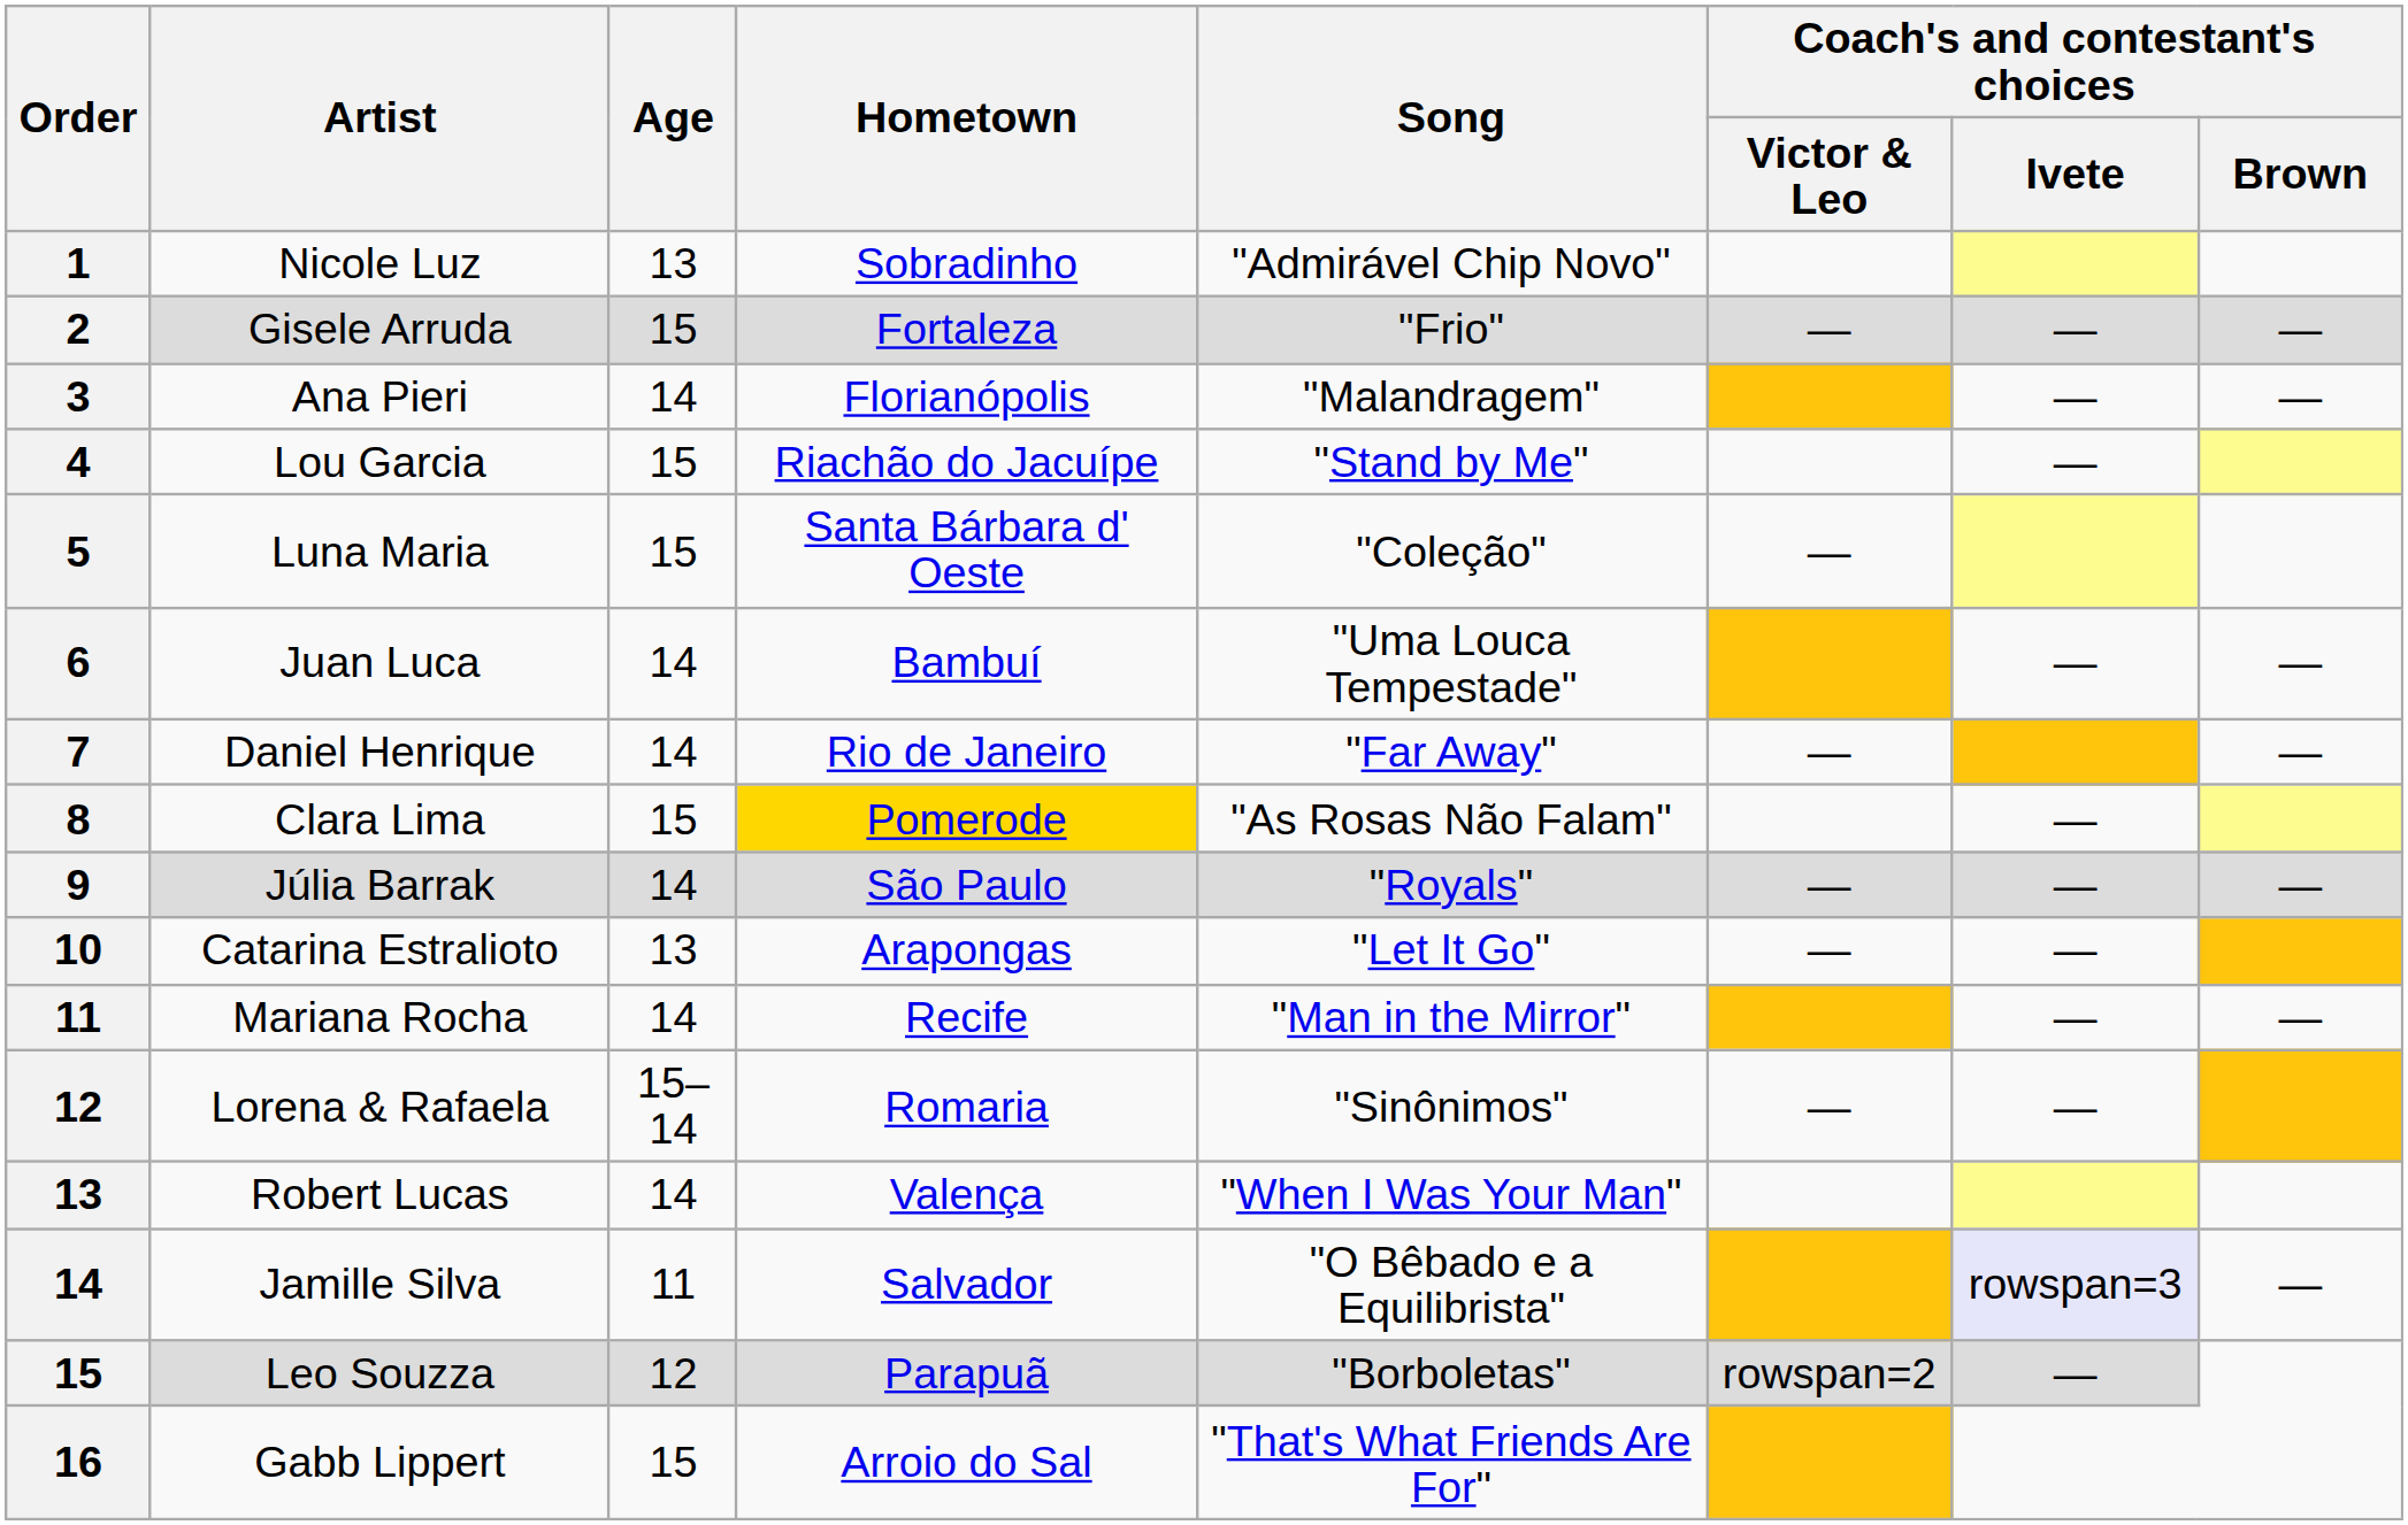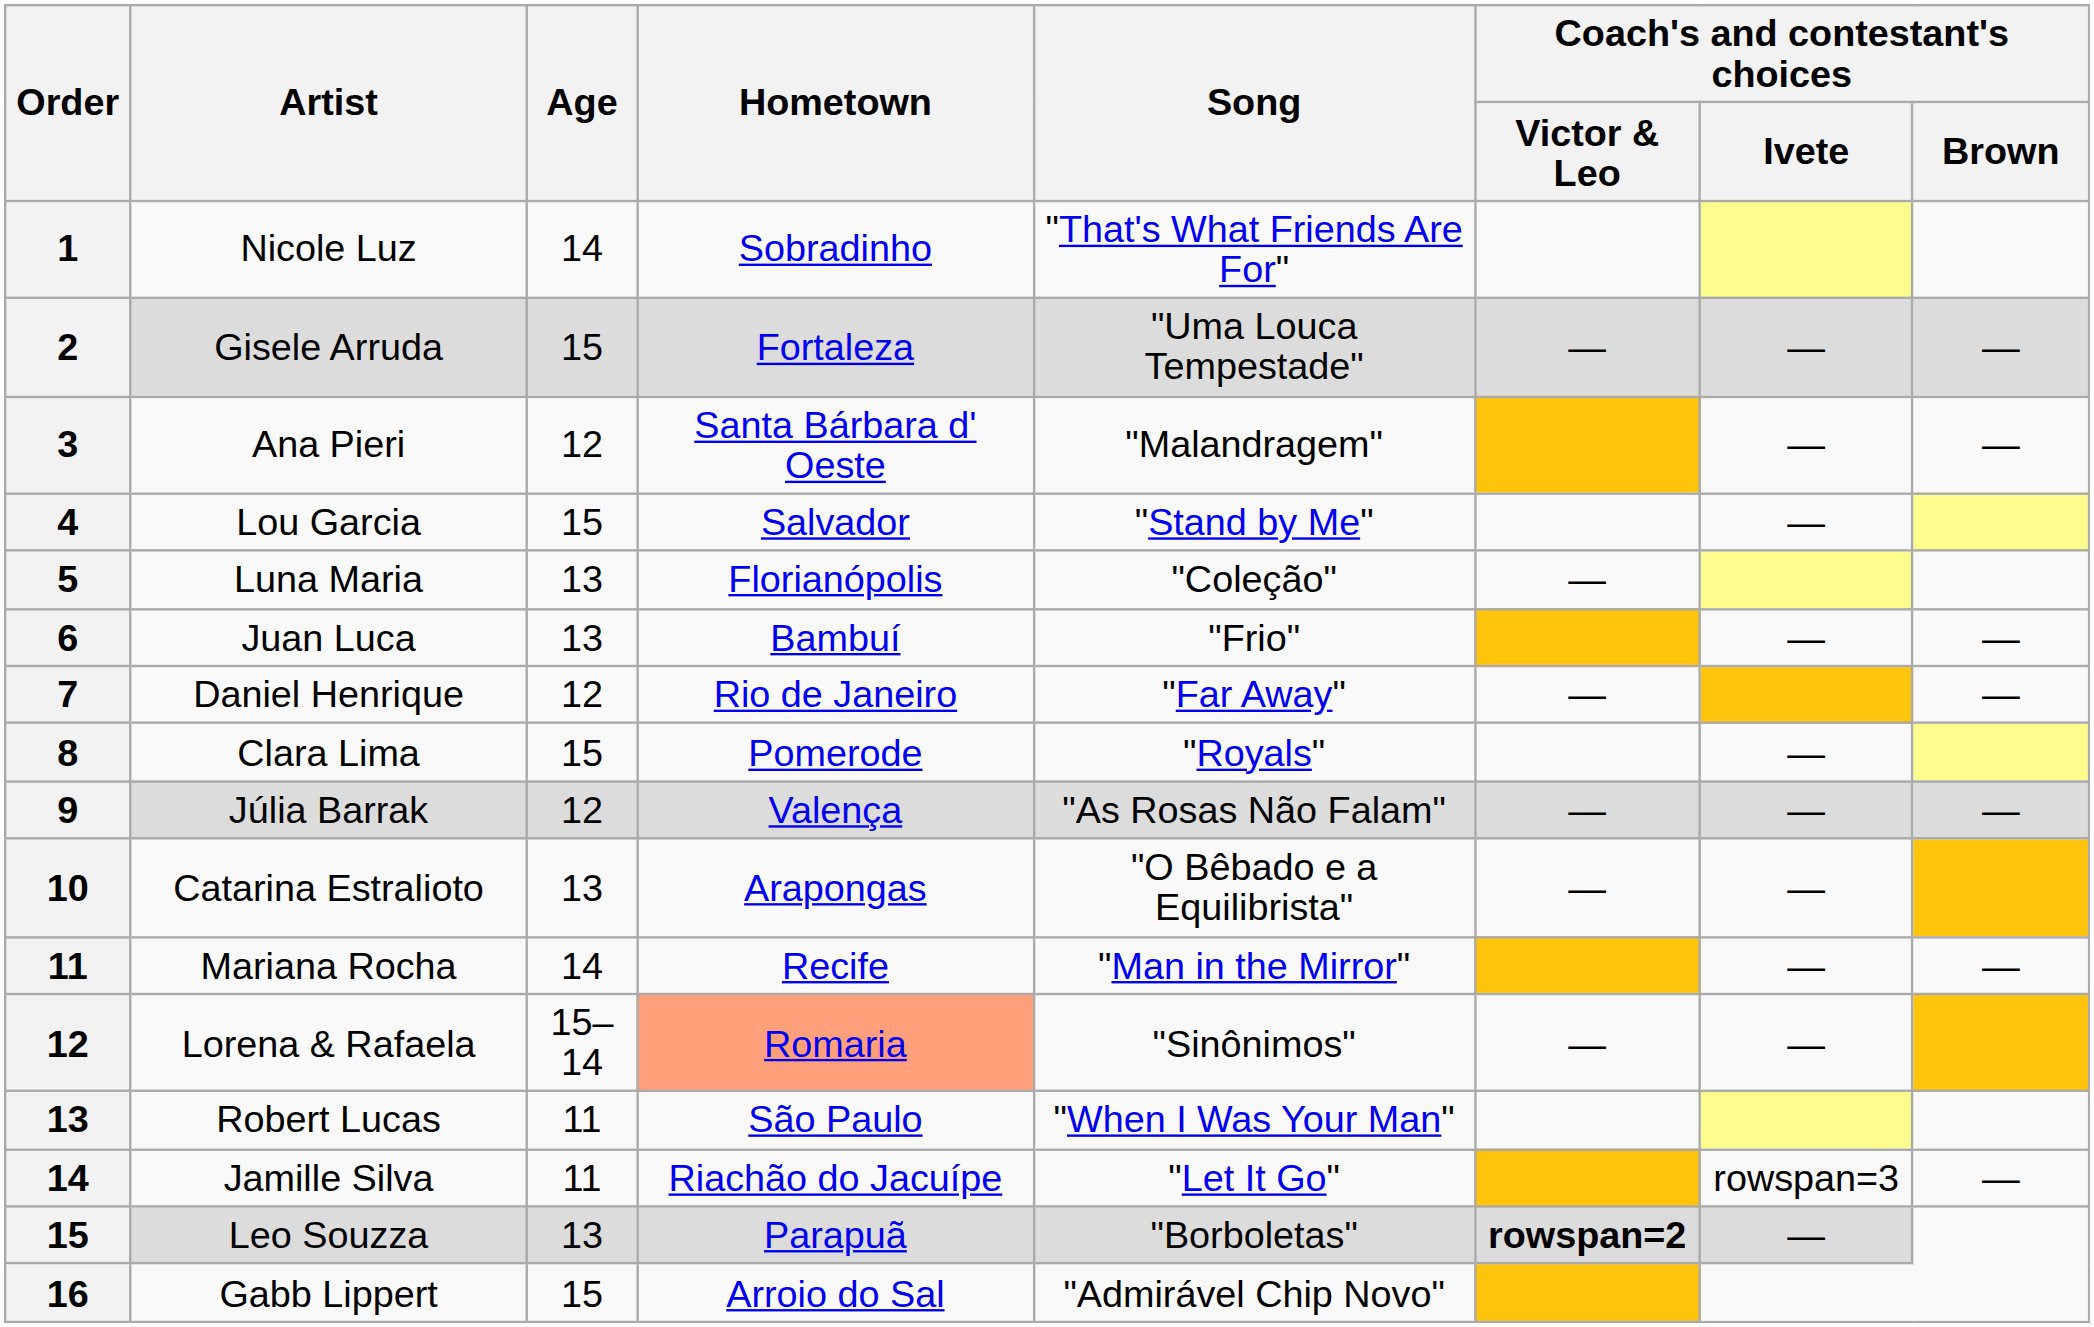 <table class="wikitable" style="text-align:center; line-height:17px; width:100%;">
 <tr>
 <th scope="col" rowspan=2 width="04%">Order</th>
 <th scope="col" rowspan=2 width="18%">Artist</th>
 <th scope="col" rowspan=2 width="05%">Age</th>
 <th scope="col" rowspan=2 width="18%">Hometown</th>
 <th scope="col" rowspan=2 width="20%">Song</th>
 <th scope="col" colspan=3 width="24%">Coach's and contestant's choices</th>
 </tr>
 <tr>
 <th width="08%">Victor & Leo</th>
 <th width="08%">Ivete</th>
 <th width="08%">Brown</th>
 </tr>
 <tr>
 <th>1</th>
 <td>Nicole Luz</td>
-<td>13</td>
+<td>14</td>
 <td><a href='#'>Sobradinho</a></td>
-<td>"Admirável Chip Novo"</td>
+<td>"<a href='#'>That's What Friends Are For</a>"</td>
 <td><strong></strong></td>
 <td bgcolor=FDFC8F><strong></strong></td>
 <td><strong></strong></td>
 </tr>
 <tr bgcolor=DCDCDC>
 <th>2</th>
 <td>Gisele Arruda</td>
 <td>15</td>
 <td><a href='#'>Fortaleza</a></td>
-<td>"Frio"</td>
+<td>"Uma Louca Tempestade"</td>
 <td>—</td>
 <td>—</td>
 <td>—</td>
 </tr>
 <tr>
 <th>3</th>
 <td>Ana Pieri</td>
-<td>14</td>
-<td><a href='#'>Florianópolis</a></td>
+<td>12</td>
+<td><a href='#'>Santa Bárbara d' Oeste</a></td>
 <td>"Malandragem"</td>
 <td bgcolor=FFC40C><strong></strong></td>
 <td>—</td>
 <td>—</td>
 </tr>
 <tr>
 <th>4</th>
 <td>Lou Garcia</td>
 <td>15</td>
-<td><a href='#'>Riachão do Jacuípe</a></td>
+<td><a href='#'>Salvador</a></td>
 <td>"<a href='#'>Stand by Me</a>"</td>
 <td><strong></strong></td>
 <td>—</td>
 <td bgcolor=FDFC8F><strong></strong></td>
 </tr>
 <tr>
 <th>5</th>
 <td>Luna Maria</td>
-<td>15</td>
-<td><a href='#'>Santa Bárbara d' Oeste</a></td>
+<td>13</td>
+<td><a href='#'>Florianópolis</a></td>
 <td>"Coleção"</td>
 <td>—</td>
 <td bgcolor=FDFC8F><strong></strong></td>
 <td><strong></strong></td>
 </tr>
 <tr>
 <th>6</th>
 <td>Juan Luca</td>
-<td>14</td>
+<td>13</td>
 <td><a href='#'>Bambuí</a></td>
-<td>"Uma Louca Tempestade"</td>
+<td>"Frio"</td>
 <td bgcolor=FFC40C><strong></strong></td>
 <td>—</td>
 <td>—</td>
 </tr>
 <tr>
 <th>7</th>
 <td>Daniel Henrique</td>
-<td>14</td>
+<td>12</td>
 <td><a href='#'>Rio de Janeiro</a></td>
 <td>"<a href='#'>Far Away</a>"</td>
 <td>—</td>
 <td bgcolor=FFC40C><strong></strong></td>
 <td>—</td>
 </tr>
 <tr>
 <th>8</th>
 <td>Clara Lima</td>
 <td>15</td>
-<td style="background: gold;"><a href='#'>Pomerode</a></td>
-<td>"As Rosas Não Falam"</td>
+<td><a href='#'>Pomerode</a></td>
+<td>"<a href='#'>Royals</a>"</td>
 <td><strong></strong></td>
 <td>—</td>
 <td bgcolor=FDFC8F><strong></strong></td>
 </tr>
 <tr bgcolor=DCDCDC>
 <th>9</th>
 <td>Júlia Barrak</td>
-<td>14</td>
-<td><a href='#'>São Paulo</a></td>
-<td>"<a href='#'>Royals</a>"</td>
+<td>12</td>
+<td><a href='#'>Valença</a></td>
+<td>"As Rosas Não Falam"</td>
 <td>—</td>
 <td>—</td>
 <td>—</td>
 </tr>
 <tr>
 <th>10</th>
 <td>Catarina Estralioto</td>
 <td>13</td>
 <td><a href='#'>Arapongas</a></td>
-<td>"<a href='#'>Let It Go</a>"</td>
+<td>"O Bêbado e a Equilibrista"</td>
 <td>—</td>
 <td>—</td>
 <td bgcolor=FFC40C><strong></strong></td>
 </tr>
 <tr>
 <th>11</th>
 <td>Mariana Rocha</td>
 <td>14</td>
 <td><a href='#'>Recife</a></td>
 <td>"<a href='#'>Man in the Mirror</a>"</td>
 <td bgcolor=FFC40C><strong></strong></td>
 <td>—</td>
 <td>—</td>
 </tr>
 <tr>
 <th>12</th>
 <td>Lorena & Rafaela</td>
 <td>15–14</td>
-<td><a href='#'>Romaria</a></td>
+<td style="background: lightsalmon;"><a href='#'>Romaria</a></td>
 <td>"Sinônimos"</td>
 <td>—</td>
 <td>—</td>
 <td bgcolor=FFC40C><strong></strong></td>
 </tr>
 <tr>
 <th>13</th>
 <td>Robert Lucas</td>
-<td>14</td>
-<td><a href='#'>Valença</a></td>
+<td>11</td>
+<td><a href='#'>São Paulo</a></td>
 <td>"<a href='#'>When I Was Your Man</a>"</td>
 <td><strong></strong></td>
 <td bgcolor=FDFC8F><strong></strong></td>
 <td><strong></strong></td>
 </tr>
 <tr>
 <th>14</th>
 <td>Jamille Silva</td>
 <td>11</td>
-<td><a href='#'>Salvador</a></td>
-<td>"O Bêbado e a Equilibrista"</td>
+<td><a href='#'>Riachão do Jacuípe</a></td>
+<td>"<a href='#'>Let It Go</a>"</td>
 <td bgcolor=FFC40C><strong></strong></td>
-<td style="background: lavender;">rowspan=3 </td>
+<td>rowspan=3 </td>
 <td>—</td>
 </tr>
 <tr bgcolor=DCDCDC>
 <th>15</th>
 <td>Leo Souzza</td>
-<td>12</td>
+<td>13</td>
 <td><a href='#'>Parapuã</a></td>
 <td>"Borboletas"</td>
-<td>rowspan=2 </td>
+<td><strong>rowspan=2 </strong></td>
 <td>—</td>
 </tr>
 <tr>
 <th>16</th>
 <td>Gabb Lippert</td>
 <td>15</td>
 <td><a href='#'>Arroio do Sal</a></td>
-<td>"<a href='#'>That's What Friends Are For</a>"</td>
+<td>"Admirável Chip Novo"</td>
 <td bgcolor=FFC40C><strong></strong></td>
 </tr>
 <tr>
 </tr>
 </table>
